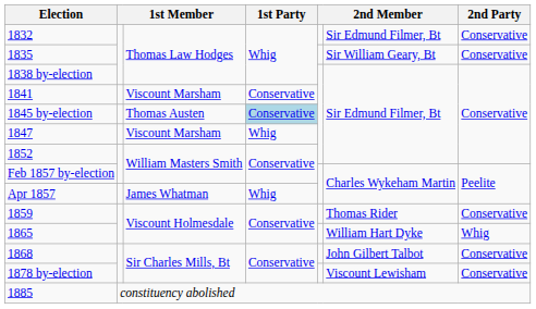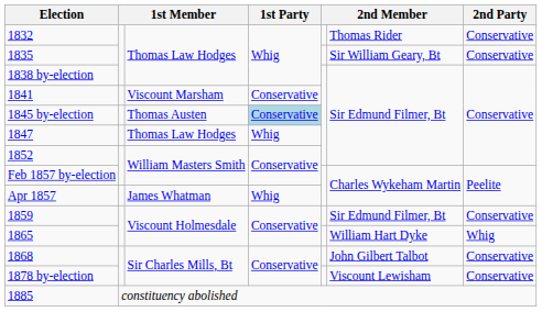 <table class="wikitable">
 <tr>
 <th>Election</th>
 <th colspan="2">1st Member</th>
 <th>1st Party</th>
 <th colspan="2">2nd Member</th>
 <th>2nd Party</th>
 </tr>
 <tr>
 <td><a href='#'>1832</a></td>
 <td rowspan="3" style="color:inherit;background-color: "></td>
 <td rowspan="3"><a href='#'>Thomas Law Hodges</a></td>
 <td rowspan="3"><a href='#'>Whig</a></td>
 <td style="color:inherit;background-color: "></td>
-<td><a href='#'>Sir Edmund Filmer, Bt</a></td>
+<td><a href='#'>Thomas Rider</a></td>
 <td><a href='#'>Conservative</a></td>
 </tr>
 <tr>
 <td><a href='#'>1835</a></td>
 <td style="color:inherit;background-color: "></td>
 <td><a href='#'>Sir William Geary, Bt</a></td>
 <td><a href='#'>Conservative</a></td>
 </tr>
 <tr>
 <td><a href='#'>1838 by-election</a></td>
 <td rowspan="5" style="color:inherit;background-color: "></td>
 <td rowspan="5"><a href='#'>Sir Edmund Filmer, Bt</a></td>
 <td rowspan="5"><a href='#'>Conservative</a></td>
 </tr>
 <tr>
 <td><a href='#'>1841</a></td>
 <td style="color:inherit;background-color: "></td>
 <td><a href='#'>Viscount Marsham</a></td>
 <td><a href='#'>Conservative</a></td>
 </tr>
 <tr>
 <td><a href='#'>1845 by-election</a></td>
 <td style="color:inherit;background-color: "></td>
 <td><a href='#'>Thomas Austen</a></td>
 <td style="background: lightblue;"><a href='#'>Conservative</a></td>
 </tr>
 <tr>
 <td><a href='#'>1847</a></td>
 <td style="color:inherit;background-color: "></td>
-<td><a href='#'>Viscount Marsham</a></td>
+<td><a href='#'>Thomas Law Hodges</a></td>
 <td><a href='#'>Whig</a></td>
 </tr>
 <tr>
 <td><a href='#'>1852</a></td>
 <td rowspan="2" style="color:inherit;background-color: "></td>
 <td rowspan="2"><a href='#'>William Masters Smith</a></td>
 <td rowspan="2"><a href='#'>Conservative</a></td>
 </tr>
 <tr>
 <td><a href='#'>Feb 1857 by-election</a></td>
 <td rowspan="2" style="color:inherit;background-color: "></td>
 <td rowspan="2"><a href='#'>Charles Wykeham Martin</a></td>
 <td rowspan="2"><a href='#'>Peelite</a></td>
 </tr>
 <tr>
 <td><a href='#'>Apr 1857</a></td>
 <td style="color:inherit;background-color: "></td>
 <td><a href='#'>James Whatman</a></td>
 <td><a href='#'>Whig</a></td>
 </tr>
 <tr>
 <td><a href='#'>1859</a></td>
 <td rowspan="2" style="color:inherit;background-color: "></td>
 <td rowspan="2"><a href='#'>Viscount Holmesdale</a></td>
 <td rowspan="2"><a href='#'>Conservative</a></td>
 <td style="color:inherit;background-color: "></td>
-<td><a href='#'>Thomas Rider</a></td>
+<td><a href='#'>Sir Edmund Filmer, Bt</a></td>
 <td><a href='#'>Conservative</a></td>
 </tr>
 <tr>
 <td><a href='#'>1865</a></td>
 <td style="color:inherit;background-color: "></td>
 <td><a href='#'>William Hart Dyke</a></td>
 <td><a href='#'>Whig</a></td>
 </tr>
 <tr>
 <td><a href='#'>1868</a></td>
 <td rowspan="2" style="color:inherit;background-color: "></td>
 <td rowspan="2"><a href='#'>Sir Charles Mills, Bt</a></td>
 <td rowspan="2"><a href='#'>Conservative</a></td>
 <td style="color:inherit;background-color: "></td>
 <td><a href='#'>John Gilbert Talbot</a></td>
 <td><a href='#'>Conservative</a></td>
 </tr>
 <tr>
 <td><a href='#'>1878 by-election</a></td>
 <td style="color:inherit;background-color: "></td>
 <td><a href='#'>Viscount Lewisham</a></td>
 <td><a href='#'>Conservative</a></td>
 </tr>
 <tr>
 <td><a href='#'>1885</a></td>
 <td colspan="6"><em>constituency abolished</em></td>
 </tr>
 </table>
